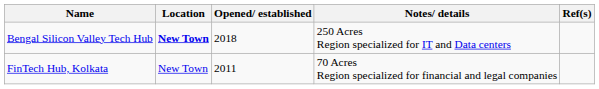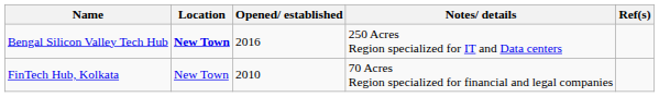 <table class="wikitable">
 <tr>
 <th>Name</th>
 <th>Location</th>
 <th>Opened/ established</th>
 <th>Notes/ details</th>
 <th>Ref(s)</th>
 </tr>
 <tr>
 <td><a href='#'>Bengal Silicon Valley Tech Hub</a></td>
 <td><strong><a href='#'>New Town</a></strong></td>
-<td>2018</td>
+<td>2016</td>
 <td>250 Acres<br> Region specialized for <a href='#'>IT</a> and <a href='#'>Data centers</a></td>
 <td></td>
 </tr>
 <tr>
 <td><a href='#'>FinTech Hub, Kolkata</a></td>
 <td><a href='#'>New Town</a></td>
-<td>2011</td>
+<td>2010</td>
 <td>70 Acres<br> Region specialized for financial and legal companies</td>
 <td></td>
 </tr>
 </table>
